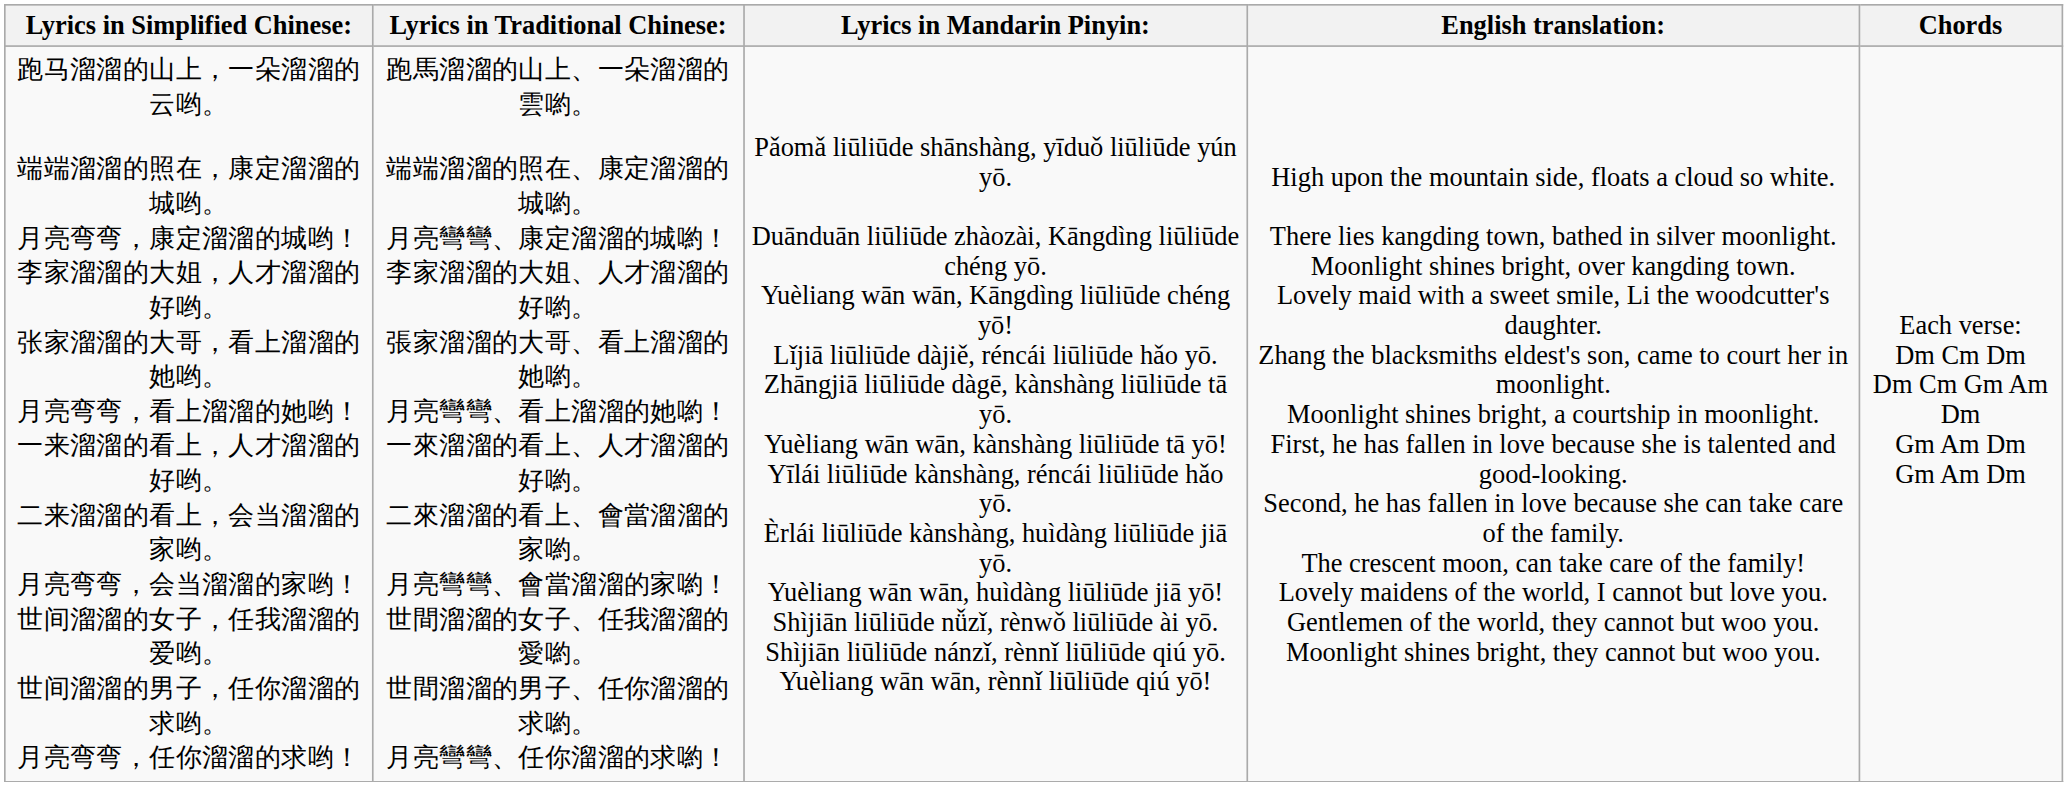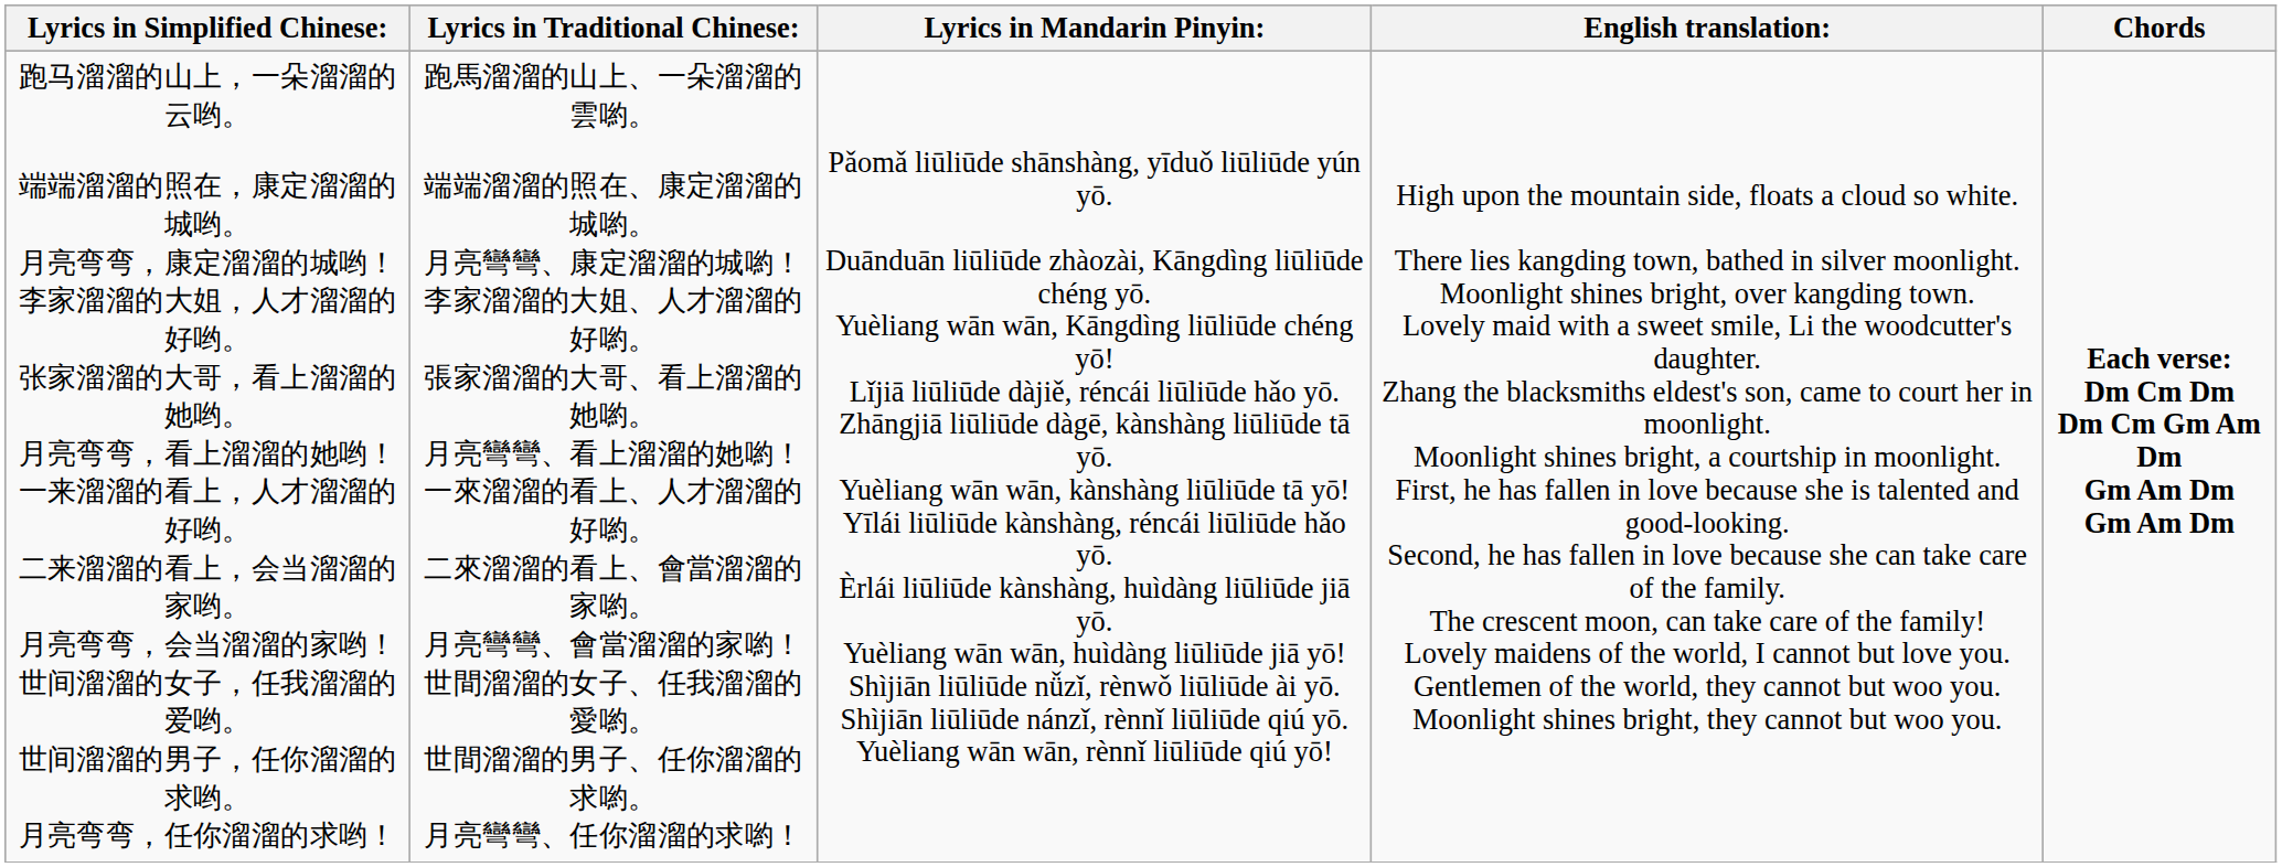 <table class="wikitable" style="text-align: center">
 <tr>
 <th>Lyrics in Simplified Chinese:</th>
 <th>Lyrics in Traditional Chinese:</th>
 <th>Lyrics in Mandarin Pinyin:</th>
 <th>English translation:</th>
 <th>Chords</th>
 </tr>
 <tr>
 <td lang="zh-Hans">跑马溜溜的山上，一朵溜溜的云哟。<br><br>端端溜溜的照在，康定溜溜的城哟。<br> 月亮弯弯，康定溜溜的城哟！<br>李家溜溜的大姐，人才溜溜的好哟。<br> 张家溜溜的大哥，看上溜溜的她哟。<br> 月亮弯弯，看上溜溜的她哟！<br>一来溜溜的看上，人才溜溜的好哟。<br> 二来溜溜的看上，会当溜溜的家哟。<br> 月亮弯弯，会当溜溜的家哟！<br>世间溜溜的女子，任我溜溜的爱哟。<br> 世间溜溜的男子，任你溜溜的求哟。<br> 月亮弯弯，任你溜溜的求哟！</td>
 <td lang="zh-Hant">跑馬溜溜的山上、一朵溜溜的雲喲。<br><br>端端溜溜的照在、康定溜溜的城喲。<br> 月亮彎彎、康定溜溜的城喲！<br>李家溜溜的大姐、人才溜溜的好喲。<br> 張家溜溜的大哥、看上溜溜的她喲。<br> 月亮彎彎、看上溜溜的她喲！<br>一來溜溜的看上、人才溜溜的好喲。<br> 二來溜溜的看上、會當溜溜的家喲。<br> 月亮彎彎、會當溜溜的家喲！<br>世間溜溜的女子、任我溜溜的愛喲。<br> 世間溜溜的男子、任你溜溜的求喲。<br> 月亮彎彎、任你溜溜的求喲！</td>
 <td>Pǎomǎ liūliūde shānshàng, yīduǒ liūliūde yún yō.<br><br>Duānduān liūliūde zhàozài, Kāngdìng liūliūde chéng yō.<br> Yuèliang wān wān, Kāngdìng liūliūde chéng yō!<br>Lǐjiā liūliūde dàjiě, réncái liūliūde hǎo yō.<br> Zhāngjiā liūliūde dàgē, kànshàng liūliūde tā yō.<br> Yuèliang wān wān, kànshàng liūliūde tā yō!<br>Yīlái liūliūde kànshàng, réncái liūliūde hǎo yō.<br> Èrlái liūliūde kànshàng, huìdàng liūliūde jiā yō.<br> Yuèliang wān wān, huìdàng liūliūde jiā yō!<br>Shìjiān liūliūde nǚzǐ, rènwǒ liūliūde ài yō.<br> Shìjiān liūliūde nánzǐ, rènnǐ liūliūde qiú yō.<br> Yuèliang wān wān, rènnǐ liūliūde qiú yō!</td>
 <td>High upon the mountain side, floats a cloud so white.<br><br>There lies kangding town, bathed in silver moonlight.<br> Moonlight shines bright, over kangding town.<br>Lovely maid with a sweet smile, Li the woodcutter's daughter.<br> Zhang the blacksmiths eldest's son, came to court her in moonlight.<br> Moonlight shines bright, a courtship in moonlight.<br>First, he has fallen in love because she is talented and good-looking.<br> Second, he has fallen in love because she can take care of the family.<br> The crescent moon, can take care of the family!<br>Lovely maidens of the world, I cannot but love you.<br> Gentlemen of the world, they cannot but woo you.<br> Moonlight shines bright, they cannot but woo you.</td>
-<td>Each verse:<br>Dm Cm Dm<br>Dm Cm Gm Am Dm<br>Gm Am Dm<br>Gm Am Dm<br><br></td>
+<td><strong>Each verse:<br>Dm Cm Dm<br>Dm Cm Gm Am Dm<br>Gm Am Dm<br>Gm Am Dm<br><br></strong></td>
 </tr>
 <tr>
 </tr>
 </table>
